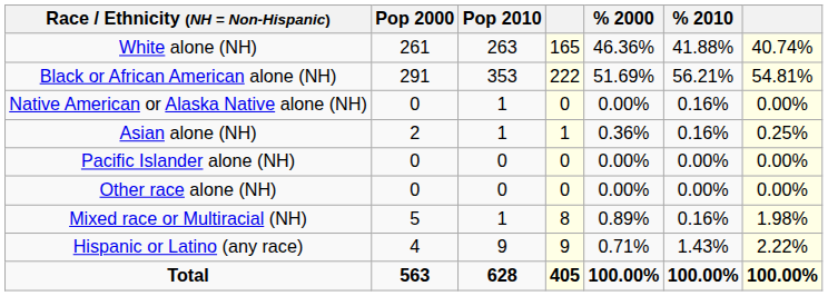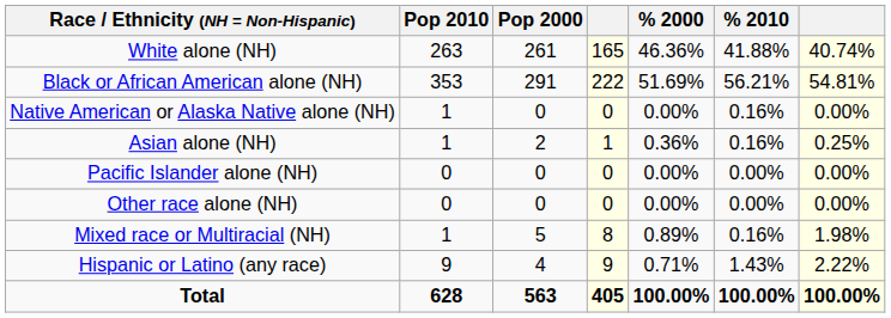 <table class="wikitable" style="text-align:center;">
 <tr>
 <th>Race / Ethnicity <small>(<em>NH = Non-Hispanic</em>)</small></th>
+<th>Pop 2010</th>
 <th>Pop 2000</th>
-<th>Pop 2010</th>
 <th></th>
 <th>% 2000</th>
 <th>% 2010</th>
 <th></th>
 </tr>
 <tr>
 <td><a href='#'>White</a> alone (NH)</td>
+<td>263</td>
 <td>261</td>
-<td>263</td>
 <td style='background: #ffffe6;'>165</td>
 <td>46.36%</td>
 <td>41.88%</td>
 <td style='background: #ffffe6;'>40.74%</td>
 </tr>
 <tr>
 <td><a href='#'>Black or African American</a> alone (NH)</td>
+<td>353</td>
 <td>291</td>
-<td>353</td>
 <td style='background: #ffffe6;'>222</td>
 <td>51.69%</td>
 <td>56.21%</td>
 <td style='background: #ffffe6;'>54.81%</td>
 </tr>
 <tr>
 <td><a href='#'>Native American</a> or <a href='#'>Alaska Native</a> alone (NH)</td>
+<td>1</td>
 <td>0</td>
-<td>1</td>
 <td style='background: #ffffe6;'>0</td>
 <td>0.00%</td>
 <td>0.16%</td>
 <td style='background: #ffffe6;'>0.00%</td>
 </tr>
 <tr>
 <td><a href='#'>Asian</a> alone (NH)</td>
+<td>1</td>
 <td>2</td>
-<td>1</td>
 <td style='background: #ffffe6;'>1</td>
 <td>0.36%</td>
 <td>0.16%</td>
 <td style='background: #ffffe6;'>0.25%</td>
 </tr>
 <tr>
 <td><a href='#'>Pacific Islander</a> alone (NH)</td>
 <td>0</td>
 <td>0</td>
 <td style='background: #ffffe6;'>0</td>
 <td>0.00%</td>
 <td>0.00%</td>
 <td style='background: #ffffe6;'>0.00%</td>
 </tr>
 <tr>
 <td><a href='#'>Other race</a> alone (NH)</td>
 <td>0</td>
 <td>0</td>
 <td style='background: #ffffe6;'>0</td>
 <td>0.00%</td>
 <td>0.00%</td>
 <td style='background: #ffffe6;'>0.00%</td>
 </tr>
 <tr>
 <td><a href='#'>Mixed race or Multiracial</a> (NH)</td>
+<td>1</td>
 <td>5</td>
-<td>1</td>
 <td style='background: #ffffe6;'>8</td>
 <td>0.89%</td>
 <td>0.16%</td>
 <td style='background: #ffffe6;'>1.98%</td>
 </tr>
 <tr>
 <td><a href='#'>Hispanic or Latino</a> (any race)</td>
+<td>9</td>
 <td>4</td>
-<td>9</td>
 <td style='background: #ffffe6;'>9</td>
 <td>0.71%</td>
 <td>1.43%</td>
 <td style='background: #ffffe6;'>2.22%</td>
 </tr>
 <tr>
 <td><strong>Total</strong></td>
+<td><strong>628</strong></td>
 <td><strong>563</strong></td>
-<td><strong>628</strong></td>
 <td style='background: #ffffe6;'><strong>405</strong></td>
 <td><strong>100.00%</strong></td>
 <td><strong>100.00%</strong></td>
 <td style='background: #ffffe6;'><strong>100.00%</strong></td>
 </tr>
 </table>
